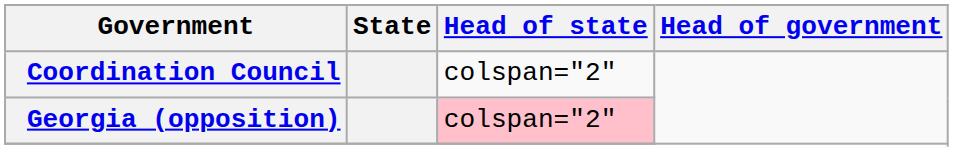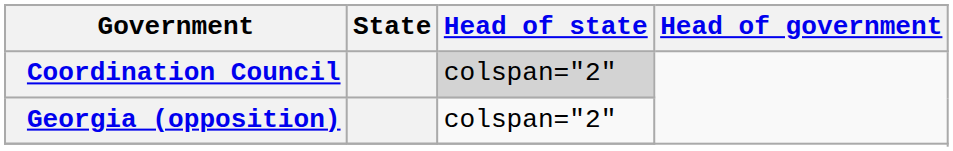 <table class="wikitable plainrowheaders" style="line-height:1.3em; max-width:1200px">
 <tr>
 <th>Government</th>
 <th>State</th>
 <th><a href='#'>Head of state</a></th>
 <th><a href='#'>Head of government</a></th>
 </tr>
 <tr>
 <th scope="row"> <a href='#'>Coordination Council</a></th>
 <th scope="row"></th>
-<td>colspan="2" </td>
+<td style="background: lightgrey;">colspan="2" </td>
 </tr>
 <tr>
 <th scope="row"> <a href='#'>Georgia (opposition)</a></th>
 <th scope="row"></th>
-<td style="background: pink;">colspan="2" </td>
+<td>colspan="2" </td>
 </tr>
 <tr>
 </tr>
 </table>
